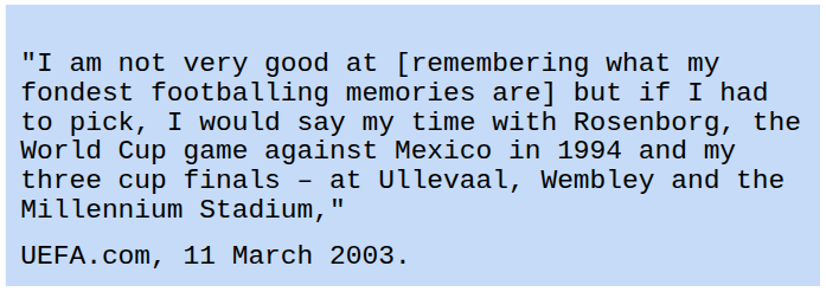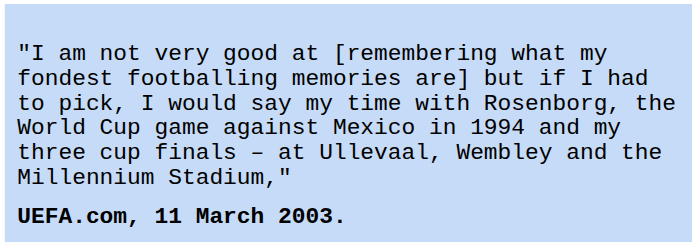 <table class="toccolours" style="float: left; margin-left: 1em; margin-right: 2em; font-size: 85%; background:#c6dbf7; color:black; width:30em; max-width: 40%;" cellspacing="5">
 <tr>
 <td style="text-align: left;"><br>"I am not very good at [remembering what my fondest footballing memories are] but if I had to pick, I would say my time with Rosenborg, the World Cup game against Mexico in 1994 and my three cup finals – at Ullevaal, Wembley and the Millennium Stadium,"</td>
 </tr>
 <tr>
-<td style="text-align: left;">UEFA.com, 11 March 2003.</td>
+<td style="text-align: left;"><strong>UEFA.com, 11 March 2003.</strong></td>
 </tr>
 </table>
